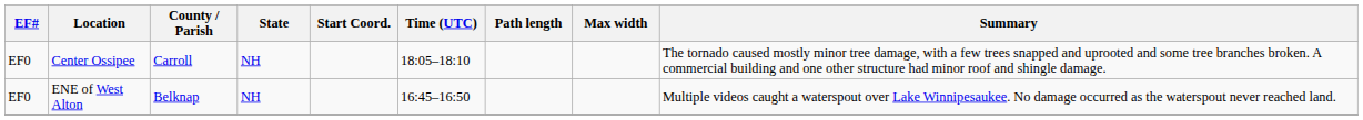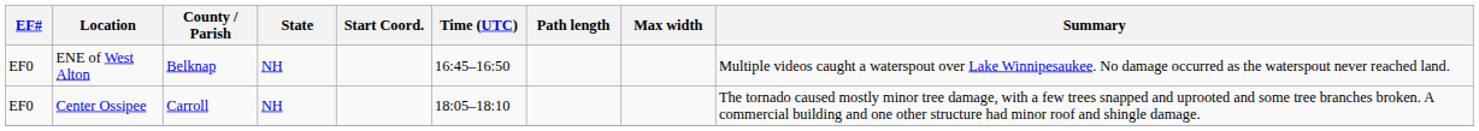 <table class="wikitable sortable" style="width:100%;">
 <tr>
 <th scope="col"  style="width:3%; text-align:center;"><a href='#'>EF#</a></th>
 <th scope="col"  style="width:7%; text-align:center;" class="unsortable">Location</th>
 <th scope="col"  style="width:6%; text-align:center;" class="unsortable">County / Parish</th>
 <th scope="col"  style="width:5%; text-align:center;">State</th>
 <th scope="col"  style="width:6%; text-align:center;">Start Coord.</th>
 <th scope="col"  style="width:6%; text-align:center;">Time (<a href='#'>UTC</a>)</th>
 <th scope="col"  style="width:6%; text-align:center;">Path length</th>
 <th scope="col"  style="width:6%; text-align:center;">Max width</th>
 <th scope="col" class="unsortable" style="width:48%; text-align:center;">Summary</th>
 </tr>
 <tr>
 <td>EF0</td>
+<td>ENE of <a href='#'>West Alton</a></td>
+<td><a href='#'>Belknap</a></td>
+<td><a href='#'>NH</a></td>
+<td></td>
+<td>16:45–16:50</td>
+<td></td>
+<td></td>
+<td>Multiple videos caught a waterspout over <a href='#'>Lake Winnipesaukee</a>. No damage occurred as the waterspout never reached land.</td>
+</tr>
+<tr>
+<td>EF0</td>
 <td><a href='#'>Center Ossipee</a></td>
 <td><a href='#'>Carroll</a></td>
 <td><a href='#'>NH</a></td>
 <td></td>
 <td>18:05–18:10</td>
 <td></td>
 <td></td>
 <td>The tornado caused mostly minor tree damage, with a few trees snapped and uprooted and some tree branches broken. A commercial building and one other structure had minor roof and shingle damage.</td>
 </tr>
 <tr>
-<td>EF0</td>
-<td>ENE of <a href='#'>West Alton</a></td>
-<td><a href='#'>Belknap</a></td>
-<td><a href='#'>NH</a></td>
-<td></td>
-<td>16:45–16:50</td>
-<td></td>
-<td></td>
-<td>Multiple videos caught a waterspout over <a href='#'>Lake Winnipesaukee</a>. No damage occurred as the waterspout never reached land.</td>
-</tr>
-<tr>
 </tr>
 </table>
